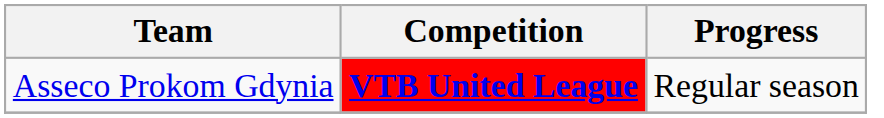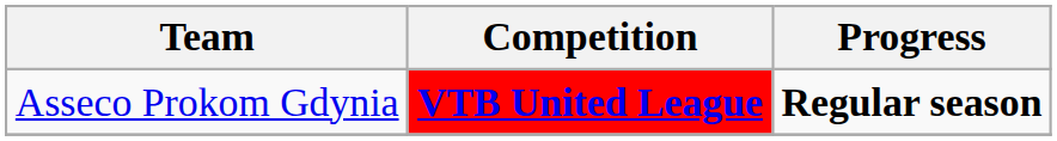 <table class="wikitable sortable">
 <tr>
 <th>Team</th>
 <th>Competition</th>
 <th>Progress</th>
 </tr>
 <tr>
 <td><a href='#'>Asseco Prokom Gdynia</a></td>
 <td rowspan="1" style="background-color:red;color:white;text-align:center"><strong><span><a href='#'>VTB United League</a></span></strong></td>
-<td>Regular season</td>
+<td><strong>Regular season</strong></td>
 </tr>
 <tr>
 </tr>
 </table>
